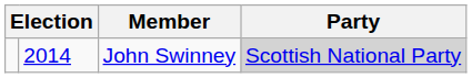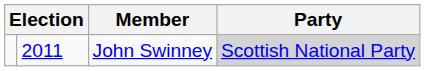 <table class="wikitable">
 <tr>
 <th colspan="2">Election</th>
 <th>Member</th>
 <th>Party</th>
 </tr>
 <tr>
 <td style="background-color: "></td>
-<td><a href='#'>2014</a></td>
+<td><a href='#'>2011</a></td>
 <td><a href='#'>John Swinney</a></td>
 <td style="background: lightgrey;"><a href='#'>Scottish National Party</a></td>
 </tr>
 </table>
